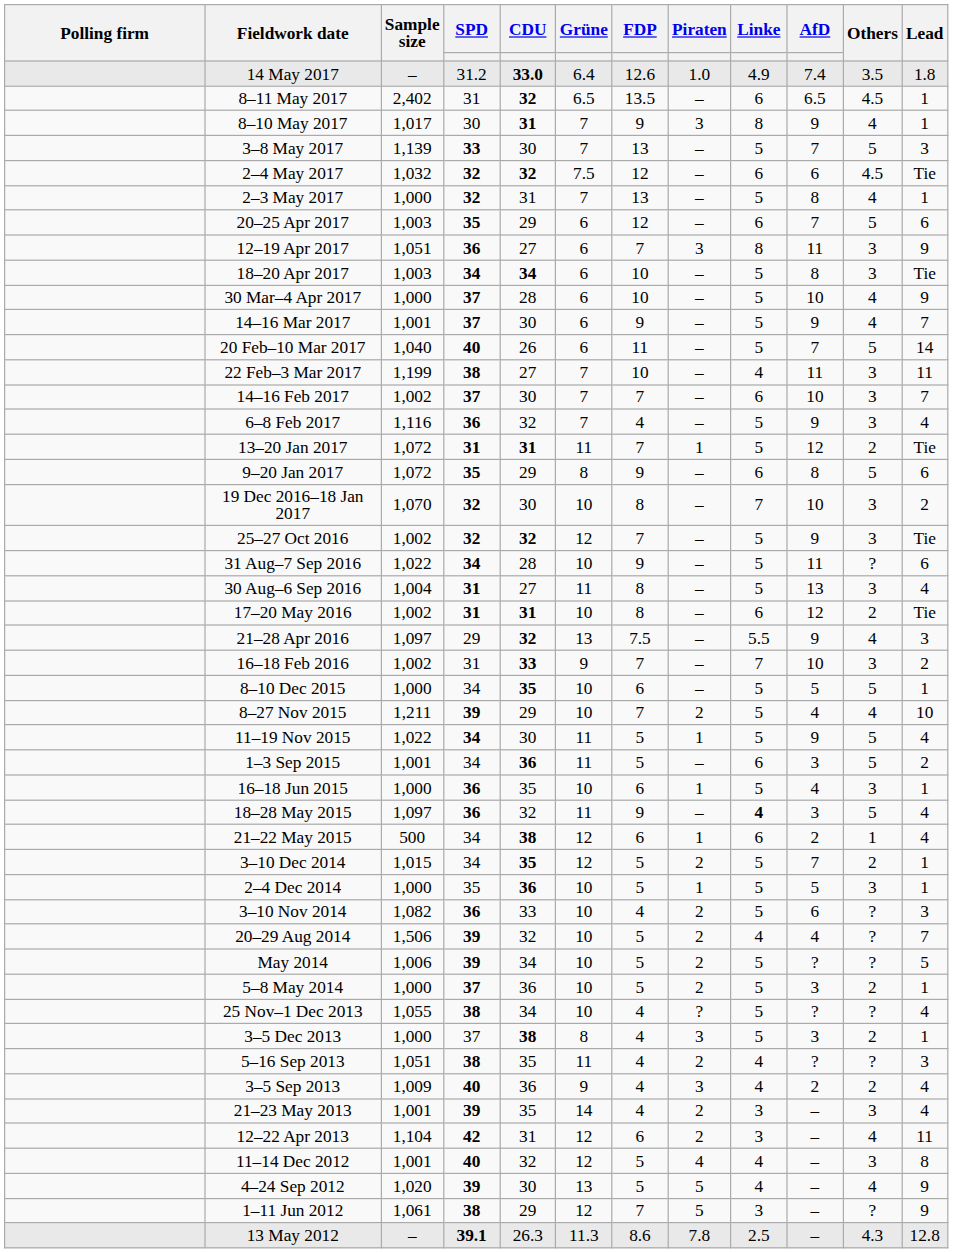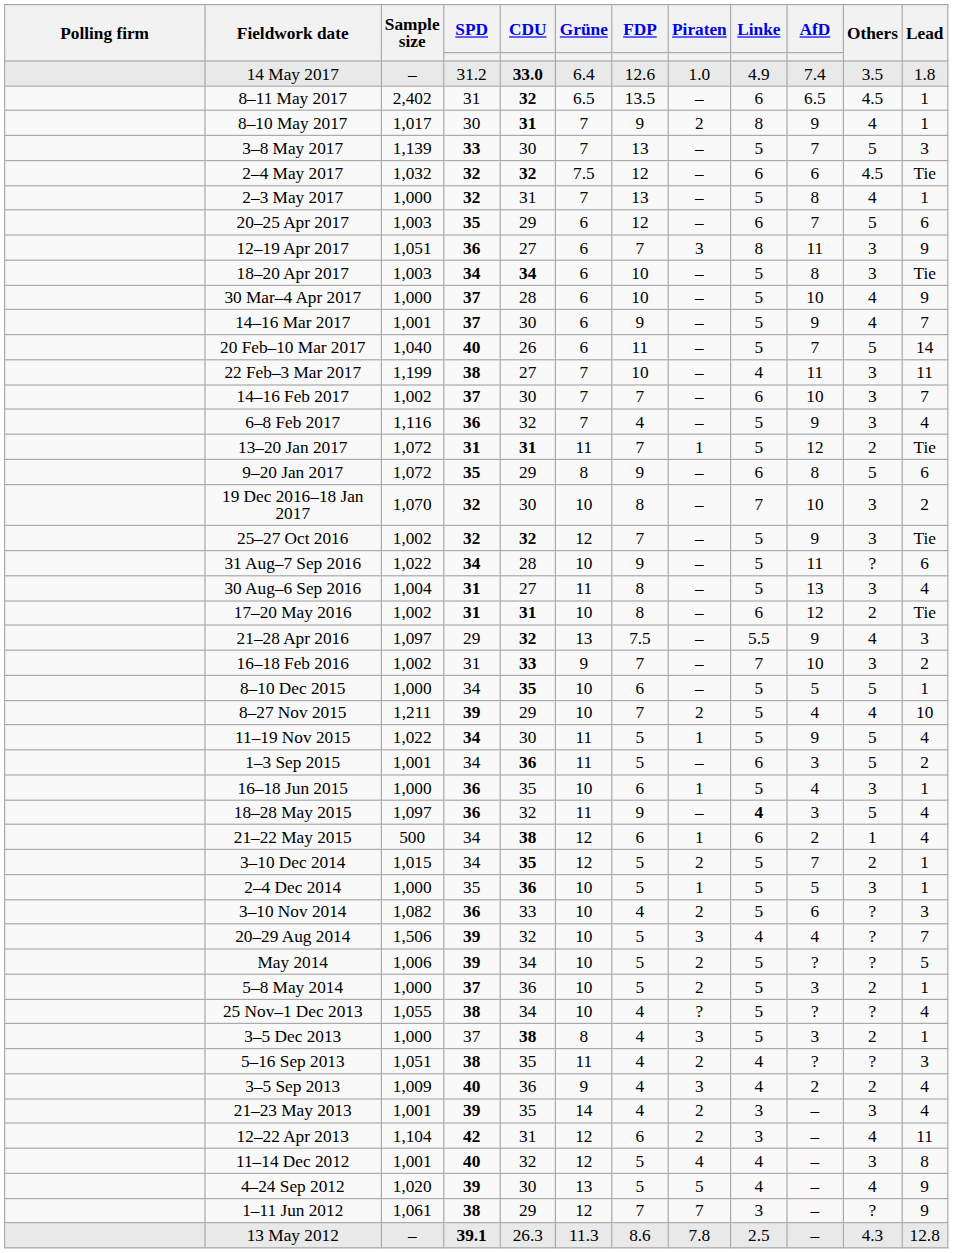 <table class="wikitable sortable" style="text-align:center;font-size:90%;line-height:14px;">
 <tr style="height:40px;">
 <th style="width:160px;" rowspan="2">Polling firm</th>
 <th style="width:140px;" rowspan="2">Fieldwork date</th>
 <th style="width:35px;" rowspan="2">Sample<br>size</th>
 <th class="unsortable" style="width:40px;"><a href='#'>SPD</a></th>
 <th class="unsortable" style="width:40px;"><a href='#'>CDU</a></th>
 <th class="unsortable" style="width:40px;"><a href='#'>Grüne</a></th>
 <th class="unsortable" style="width:40px;"><a href='#'>FDP</a></th>
 <th class="unsortable" style="width:40px;"><a href='#'>Piraten</a></th>
 <th class="unsortable" style="width:40px;"><a href='#'>Linke</a></th>
 <th class="unsortable" style="width:40px;"><a href='#'>AfD</a></th>
 <th class="unsortable" style="width:40px;" rowspan="2">Others</th>
 <th style="width:30px;" rowspan="2">Lead</th>
 </tr>
 <tr>
 <th style="background:"></th>
 <th style="background:"></th>
 <th style="background:"></th>
 <th style="background:"></th>
 <th style="background:"></th>
 <th style="background:"></th>
 <th style="background:"></th>
 </tr>
 <tr style="background:#E9E9E9;">
 <td></td>
 <td data-sort-value="2017-05-14">14 May 2017</td>
 <td>–</td>
 <td>31.2</td>
 <td><strong>33.0</strong></td>
 <td>6.4</td>
 <td>12.6</td>
 <td>1.0</td>
 <td>4.9</td>
 <td>7.4</td>
 <td>3.5</td>
 <td style="background:">1.8</td>
 </tr>
 <tr>
 <td></td>
 <td data-sort-value="2017-05-11">8–11 May 2017</td>
 <td>2,402</td>
 <td>31</td>
 <td><strong>32</strong></td>
 <td>6.5</td>
 <td>13.5</td>
 <td>–</td>
 <td>6</td>
 <td>6.5</td>
 <td>4.5</td>
 <td style="background:">1</td>
 </tr>
 <tr>
 <td></td>
 <td data-sort-value="2017-05-11">8–10 May 2017</td>
 <td>1,017</td>
 <td>30</td>
 <td><strong>31</strong></td>
 <td>7</td>
 <td>9</td>
-<td>3</td>
+<td>2</td>
 <td>8</td>
 <td>9</td>
 <td>4</td>
 <td style="background:">1</td>
 </tr>
 <tr>
 <td></td>
 <td data-sort-value="2017-05-09">3–8 May 2017</td>
 <td>1,139</td>
 <td><strong>33</strong></td>
 <td>30</td>
 <td>7</td>
 <td>13</td>
 <td>–</td>
 <td>5</td>
 <td>7</td>
 <td>5</td>
 <td style="background:">3</td>
 </tr>
 <tr>
 <td></td>
 <td data-sort-value="2017-05-05">2–4 May 2017</td>
 <td>1,032</td>
 <td><strong>32</strong></td>
 <td><strong>32</strong></td>
 <td>7.5</td>
 <td>12</td>
 <td>–</td>
 <td>6</td>
 <td>6</td>
 <td>4.5</td>
 <td data-sort-value="0">Tie</td>
 </tr>
 <tr>
 <td></td>
 <td data-sort-value="2017-05-04">2–3 May 2017</td>
 <td>1,000</td>
 <td><strong>32</strong></td>
 <td>31</td>
 <td>7</td>
 <td>13</td>
 <td>–</td>
 <td>5</td>
 <td>8</td>
 <td>4</td>
 <td style="background:">1</td>
 </tr>
 <tr>
 <td></td>
 <td data-sort-value="2017-04-28">20–25 Apr 2017</td>
 <td>1,003</td>
 <td><strong>35</strong></td>
 <td>29</td>
 <td>6</td>
 <td>12</td>
 <td>–</td>
 <td>6</td>
 <td>7</td>
 <td>5</td>
 <td style="background:">6</td>
 </tr>
 <tr>
 <td></td>
 <td data-sort-value="2017-04-25">12–19 Apr 2017</td>
 <td>1,051</td>
 <td><strong>36</strong></td>
 <td>27</td>
 <td>6</td>
 <td>7</td>
 <td>3</td>
 <td>8</td>
 <td>11</td>
 <td>3</td>
 <td style="background:">9</td>
 </tr>
 <tr>
 <td></td>
 <td data-sort-value="2017-04-23">18–20 Apr 2017</td>
 <td>1,003</td>
 <td><strong>34</strong></td>
 <td><strong>34</strong></td>
 <td>6</td>
 <td>10</td>
 <td>–</td>
 <td>5</td>
 <td>8</td>
 <td>3</td>
 <td data-sort-value="0">Tie</td>
 </tr>
 <tr>
 <td></td>
 <td data-sort-value="2017-04-11">30 Mar–4 Apr 2017</td>
 <td>1,000</td>
 <td><strong>37</strong></td>
 <td>28</td>
 <td>6</td>
 <td>10</td>
 <td>–</td>
 <td>5</td>
 <td>10</td>
 <td>4</td>
 <td style="background:">9</td>
 </tr>
 <tr>
 <td></td>
 <td data-sort-value="2017-03-19">14–16 Mar 2017</td>
 <td>1,001</td>
 <td><strong>37</strong></td>
 <td>30</td>
 <td>6</td>
 <td>9</td>
 <td>–</td>
 <td>5</td>
 <td>9</td>
 <td>4</td>
 <td style="background:">7</td>
 </tr>
 <tr>
 <td></td>
 <td data-sort-value="2017-03-15">20 Feb–10 Mar 2017</td>
 <td>1,040</td>
 <td><strong>40</strong></td>
 <td>26</td>
 <td>6</td>
 <td>11</td>
 <td>–</td>
 <td>5</td>
 <td>7</td>
 <td>5</td>
 <td style="background:">14</td>
 </tr>
 <tr>
 <td></td>
 <td data-sort-value="2017-03-05">22 Feb–3 Mar 2017</td>
 <td>1,199</td>
 <td><strong>38</strong></td>
 <td>27</td>
 <td>7</td>
 <td>10</td>
 <td>–</td>
 <td>4</td>
 <td>11</td>
 <td>3</td>
 <td style="background:">11</td>
 </tr>
 <tr>
 <td></td>
 <td data-sort-value="2017-02-19">14–16 Feb 2017</td>
 <td>1,002</td>
 <td><strong>37</strong></td>
 <td>30</td>
 <td>7</td>
 <td>7</td>
 <td>–</td>
 <td>6</td>
 <td>10</td>
 <td>3</td>
 <td style="background:">7</td>
 </tr>
 <tr>
 <td></td>
 <td data-sort-value="2017-02-10">6–8 Feb 2017</td>
 <td>1,116</td>
 <td><strong>36</strong></td>
 <td>32</td>
 <td>7</td>
 <td>4</td>
 <td>–</td>
 <td>5</td>
 <td>9</td>
 <td>3</td>
 <td style="background:">4</td>
 </tr>
 <tr>
 <td></td>
 <td data-sort-value="2017-01-27">13–20 Jan 2017</td>
 <td>1,072</td>
 <td><strong>31</strong></td>
 <td><strong>31</strong></td>
 <td>11</td>
 <td>7</td>
 <td>1</td>
 <td>5</td>
 <td>12</td>
 <td>2</td>
 <td data-sort-value="0">Tie</td>
 </tr>
 <tr>
 <td></td>
 <td data-sort-value="2017-03-15">9–20 Jan 2017</td>
 <td>1,072</td>
 <td><strong>35</strong></td>
 <td>29</td>
 <td>8</td>
 <td>9</td>
 <td>–</td>
 <td>6</td>
 <td>8</td>
 <td>5</td>
 <td style="background:">6</td>
 </tr>
 <tr>
 <td></td>
 <td data-sort-value="2017-01-21">19 Dec 2016–18 Jan 2017</td>
 <td>1,070</td>
 <td><strong>32</strong></td>
 <td>30</td>
 <td>10</td>
 <td>8</td>
 <td>–</td>
 <td>7</td>
 <td>10</td>
 <td>3</td>
 <td style="background:">2</td>
 </tr>
 <tr>
 <td></td>
 <td data-sort-value="2016-10-30">25–27 Oct 2016</td>
 <td>1,002</td>
 <td><strong>32</strong></td>
 <td><strong>32</strong></td>
 <td>12</td>
 <td>7</td>
 <td>–</td>
 <td>5</td>
 <td>9</td>
 <td>3</td>
 <td data-sort-value="0">Tie</td>
 </tr>
 <tr>
 <td></td>
 <td data-sort-value="2016-09-15">31 Aug–7 Sep 2016</td>
 <td>1,022</td>
 <td><strong>34</strong></td>
 <td>28</td>
 <td>10</td>
 <td>9</td>
 <td>–</td>
 <td>5</td>
 <td>11</td>
 <td>?</td>
 <td style="background:">6</td>
 </tr>
 <tr>
 <td></td>
 <td data-sort-value="2016-09-11">30 Aug–6 Sep 2016</td>
 <td>1,004</td>
 <td><strong>31</strong></td>
 <td>27</td>
 <td>11</td>
 <td>8</td>
 <td>–</td>
 <td>5</td>
 <td>13</td>
 <td>3</td>
 <td style="background:">4</td>
 </tr>
 <tr>
 <td></td>
 <td data-sort-value="2016-05-22">17–20 May 2016</td>
 <td>1,002</td>
 <td><strong>31</strong></td>
 <td><strong>31</strong></td>
 <td>10</td>
 <td>8</td>
 <td>–</td>
 <td>6</td>
 <td>12</td>
 <td>2</td>
 <td data-sort-value="0">Tie</td>
 </tr>
 <tr>
 <td></td>
 <td data-sort-value="2016-04-29">21–28 Apr 2016</td>
 <td>1,097</td>
 <td>29</td>
 <td><strong>32</strong></td>
 <td>13</td>
 <td>7.5</td>
 <td>–</td>
 <td>5.5</td>
 <td>9</td>
 <td>4</td>
 <td style="background:">3</td>
 </tr>
 <tr>
 <td></td>
 <td data-sort-value="2016-02-21">16–18 Feb 2016</td>
 <td>1,002</td>
 <td>31</td>
 <td><strong>33</strong></td>
 <td>9</td>
 <td>7</td>
 <td>–</td>
 <td>7</td>
 <td>10</td>
 <td>3</td>
 <td style="background:">2</td>
 </tr>
 <tr>
 <td></td>
 <td data-sort-value="2015-12-13">8–10 Dec 2015</td>
 <td>1,000</td>
 <td>34</td>
 <td><strong>35</strong></td>
 <td>10</td>
 <td>6</td>
 <td>–</td>
 <td>5</td>
 <td>5</td>
 <td>5</td>
 <td style="background:">1</td>
 </tr>
 <tr>
 <td></td>
 <td data-sort-value="2015-12-02">8–27 Nov 2015</td>
 <td>1,211</td>
 <td><strong>39</strong></td>
 <td>29</td>
 <td>10</td>
 <td>7</td>
 <td>2</td>
 <td>5</td>
 <td>4</td>
 <td>4</td>
 <td style="background:">10</td>
 </tr>
 <tr>
 <td></td>
 <td data-sort-value="2015-11-26">11–19 Nov 2015</td>
 <td>1,022</td>
 <td><strong>34</strong></td>
 <td>30</td>
 <td>11</td>
 <td>5</td>
 <td>1</td>
 <td>5</td>
 <td>9</td>
 <td>5</td>
 <td style="background:">4</td>
 </tr>
 <tr>
 <td></td>
 <td data-sort-value="2015-09-06">1–3 Sep 2015</td>
 <td>1,001</td>
 <td>34</td>
 <td><strong>36</strong></td>
 <td>11</td>
 <td>5</td>
 <td>–</td>
 <td>6</td>
 <td>3</td>
 <td>5</td>
 <td style="background:">2</td>
 </tr>
 <tr>
 <td></td>
 <td data-sort-value="2015-06-21">16–18 Jun 2015</td>
 <td>1,000</td>
 <td><strong>36</strong></td>
 <td>35</td>
 <td>10</td>
 <td>6</td>
 <td>1</td>
 <td>5</td>
 <td>4</td>
 <td>3</td>
 <td style="background:">1</td>
 </tr>
 <tr>
 <td></td>
 <td data-sort-value="2015-06-02">18–28 May 2015</td>
 <td>1,097</td>
 <td><strong>36</strong></td>
 <td>32</td>
 <td>11</td>
 <td>9</td>
 <td>–</td>
 <td><strong>4</strong></td>
 <td>3</td>
 <td>5</td>
 <td style="background:">4</td>
 </tr>
 <tr>
 <td></td>
 <td data-sort-value="2015-05-27">21–22 May 2015</td>
 <td>500</td>
 <td>34</td>
 <td><strong>38</strong></td>
 <td>12</td>
 <td>6</td>
 <td>1</td>
 <td>6</td>
 <td>2</td>
 <td>1</td>
 <td style="background:">4</td>
 </tr>
 <tr>
 <td></td>
 <td data-sort-value="2014-12-18">3–10 Dec 2014</td>
 <td>1,015</td>
 <td>34</td>
 <td><strong>35</strong></td>
 <td>12</td>
 <td>5</td>
 <td>2</td>
 <td>5</td>
 <td>7</td>
 <td>2</td>
 <td style="background:">1</td>
 </tr>
 <tr>
 <td></td>
 <td data-sort-value="2014-12-07">2–4 Dec 2014</td>
 <td>1,000</td>
 <td>35</td>
 <td><strong>36</strong></td>
 <td>10</td>
 <td>5</td>
 <td>1</td>
 <td>5</td>
 <td>5</td>
 <td>3</td>
 <td style="background:">1</td>
 </tr>
 <tr>
 <td></td>
 <td data-sort-value="2014-11-14">3–10 Nov 2014</td>
 <td>1,082</td>
 <td><strong>36</strong></td>
 <td>33</td>
 <td>10</td>
 <td>4</td>
 <td>2</td>
 <td>5</td>
 <td>6</td>
 <td>?</td>
 <td style="background:">3</td>
 </tr>
 <tr>
 <td></td>
 <td data-sort-value="2014-09-02">20–29 Aug 2014</td>
 <td>1,506</td>
 <td><strong>39</strong></td>
 <td>32</td>
 <td>10</td>
 <td>5</td>
-<td>2</td>
+<td>3</td>
 <td>4</td>
 <td>4</td>
 <td>?</td>
 <td style="background:">7</td>
 </tr>
 <tr>
 <td></td>
 <td data-sort-value="2014-05-20">May 2014</td>
 <td>1,006</td>
 <td><strong>39</strong></td>
 <td>34</td>
 <td>10</td>
 <td>5</td>
 <td>2</td>
 <td>5</td>
 <td>?</td>
 <td>?</td>
 <td style="background:">5</td>
 </tr>
 <tr>
 <td></td>
 <td data-sort-value="2014-05-11">5–8 May 2014</td>
 <td>1,000</td>
 <td><strong>37</strong></td>
 <td>36</td>
 <td>10</td>
 <td>5</td>
 <td>2</td>
 <td>5</td>
 <td>3</td>
 <td>2</td>
 <td style="background:">1</td>
 </tr>
 <tr>
 <td></td>
 <td data-sort-value="2013-12-11">25 Nov–1 Dec 2013</td>
 <td>1,055</td>
 <td><strong>38</strong></td>
 <td>34</td>
 <td>10</td>
 <td>4</td>
 <td>?</td>
 <td>5</td>
 <td>?</td>
 <td>?</td>
 <td style="background:">4</td>
 </tr>
 <tr>
 <td></td>
 <td data-sort-value="2013-12-08">3–5 Dec 2013</td>
 <td>1,000</td>
 <td>37</td>
 <td><strong>38</strong></td>
 <td>8</td>
 <td>4</td>
 <td>3</td>
 <td>5</td>
 <td>3</td>
 <td>2</td>
 <td style="background:">1</td>
 </tr>
 <tr>
 <td></td>
 <td data-sort-value="2013-09-19">5–16 Sep 2013</td>
 <td>1,051</td>
 <td><strong>38</strong></td>
 <td>35</td>
 <td>11</td>
 <td>4</td>
 <td>2</td>
 <td>4</td>
 <td>?</td>
 <td>?</td>
 <td style="background:">3</td>
 </tr>
 <tr>
 <td></td>
 <td data-sort-value="2013-09-07">3–5 Sep 2013</td>
 <td>1,009</td>
 <td><strong>40</strong></td>
 <td>36</td>
 <td>9</td>
 <td>4</td>
 <td>3</td>
 <td>4</td>
 <td>2</td>
 <td>2</td>
 <td style="background:">4</td>
 </tr>
 <tr>
 <td></td>
 <td data-sort-value="2013-05-26">21–23 May 2013</td>
 <td>1,001</td>
 <td><strong>39</strong></td>
 <td>35</td>
 <td>14</td>
 <td>4</td>
 <td>2</td>
 <td>3</td>
 <td>–</td>
 <td>3</td>
 <td style="background:">4</td>
 </tr>
 <tr>
 <td></td>
 <td data-sort-value="2013-04-25">12–22 Apr 2013</td>
 <td>1,104</td>
 <td><strong>42</strong></td>
 <td>31</td>
 <td>12</td>
 <td>6</td>
 <td>2</td>
 <td>3</td>
 <td>–</td>
 <td>4</td>
 <td style="background:">11</td>
 </tr>
 <tr>
 <td></td>
 <td data-sort-value="2012-12-16">11–14 Dec 2012</td>
 <td>1,001</td>
 <td><strong>40</strong></td>
 <td>32</td>
 <td>12</td>
 <td>5</td>
 <td>4</td>
 <td>4</td>
 <td>–</td>
 <td>3</td>
 <td style="background:">8</td>
 </tr>
 <tr>
 <td></td>
 <td data-sort-value="2012-09-27">4–24 Sep 2012</td>
 <td>1,020</td>
 <td><strong>39</strong></td>
 <td>30</td>
 <td>13</td>
 <td>5</td>
 <td>5</td>
 <td>4</td>
 <td>–</td>
 <td>4</td>
 <td style="background:">9</td>
 </tr>
 <tr>
 <td></td>
 <td data-sort-value="2012-06-13">1–11 Jun 2012</td>
 <td>1,061</td>
 <td><strong>38</strong></td>
 <td>29</td>
 <td>12</td>
 <td>7</td>
-<td>5</td>
+<td>7</td>
 <td>3</td>
 <td>–</td>
 <td>?</td>
 <td style="background:">9</td>
 </tr>
 <tr style="background:#E9E9E9;">
 <td></td>
 <td data-sort-value="2012-05-13">13 May 2012</td>
 <td>–</td>
 <td><strong>39.1</strong></td>
 <td>26.3</td>
 <td>11.3</td>
 <td>8.6</td>
 <td>7.8</td>
 <td>2.5</td>
 <td>–</td>
 <td>4.3</td>
 <td style="background:">12.8</td>
 </tr>
 </table>
